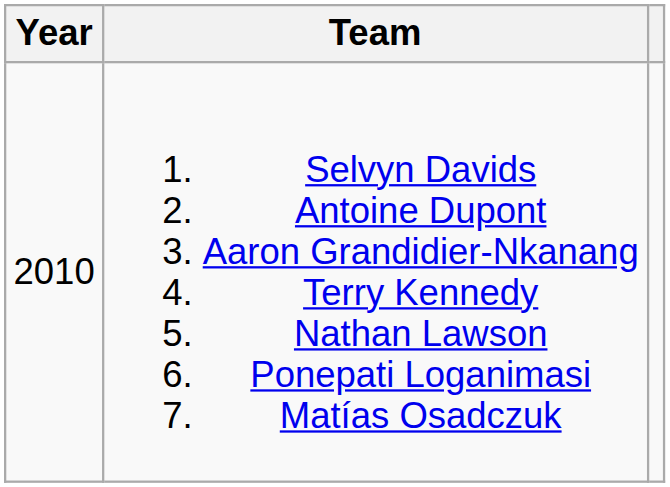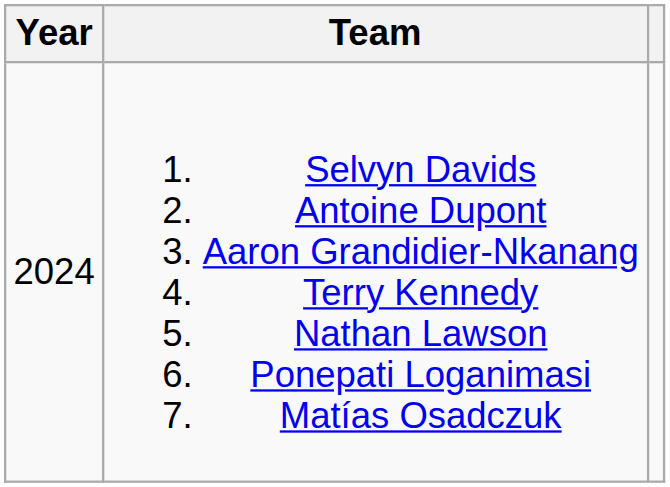 <table class="wikitable" style="text-align: center;">
 <tr>
 <th>Year</th>
 <th>Team</th>
 <th></th>
 </tr>
 <tr>
-<td>2010</td>
+<td>2024</td>
 <td><br><ol><li><a href='#'>Selvyn Davids</a> </li><li><a href='#'>Antoine Dupont</a> </li><li><a href='#'>Aaron Grandidier-Nkanang</a> </li><li><a href='#'>Terry Kennedy</a> </li><li><a href='#'>Nathan Lawson</a> </li><li><a href='#'>Ponepati Loganimasi</a> </li><li><a href='#'>Matías Osadczuk</a> </li></ol></td>
 <td></td>
 </tr>
 </table>
